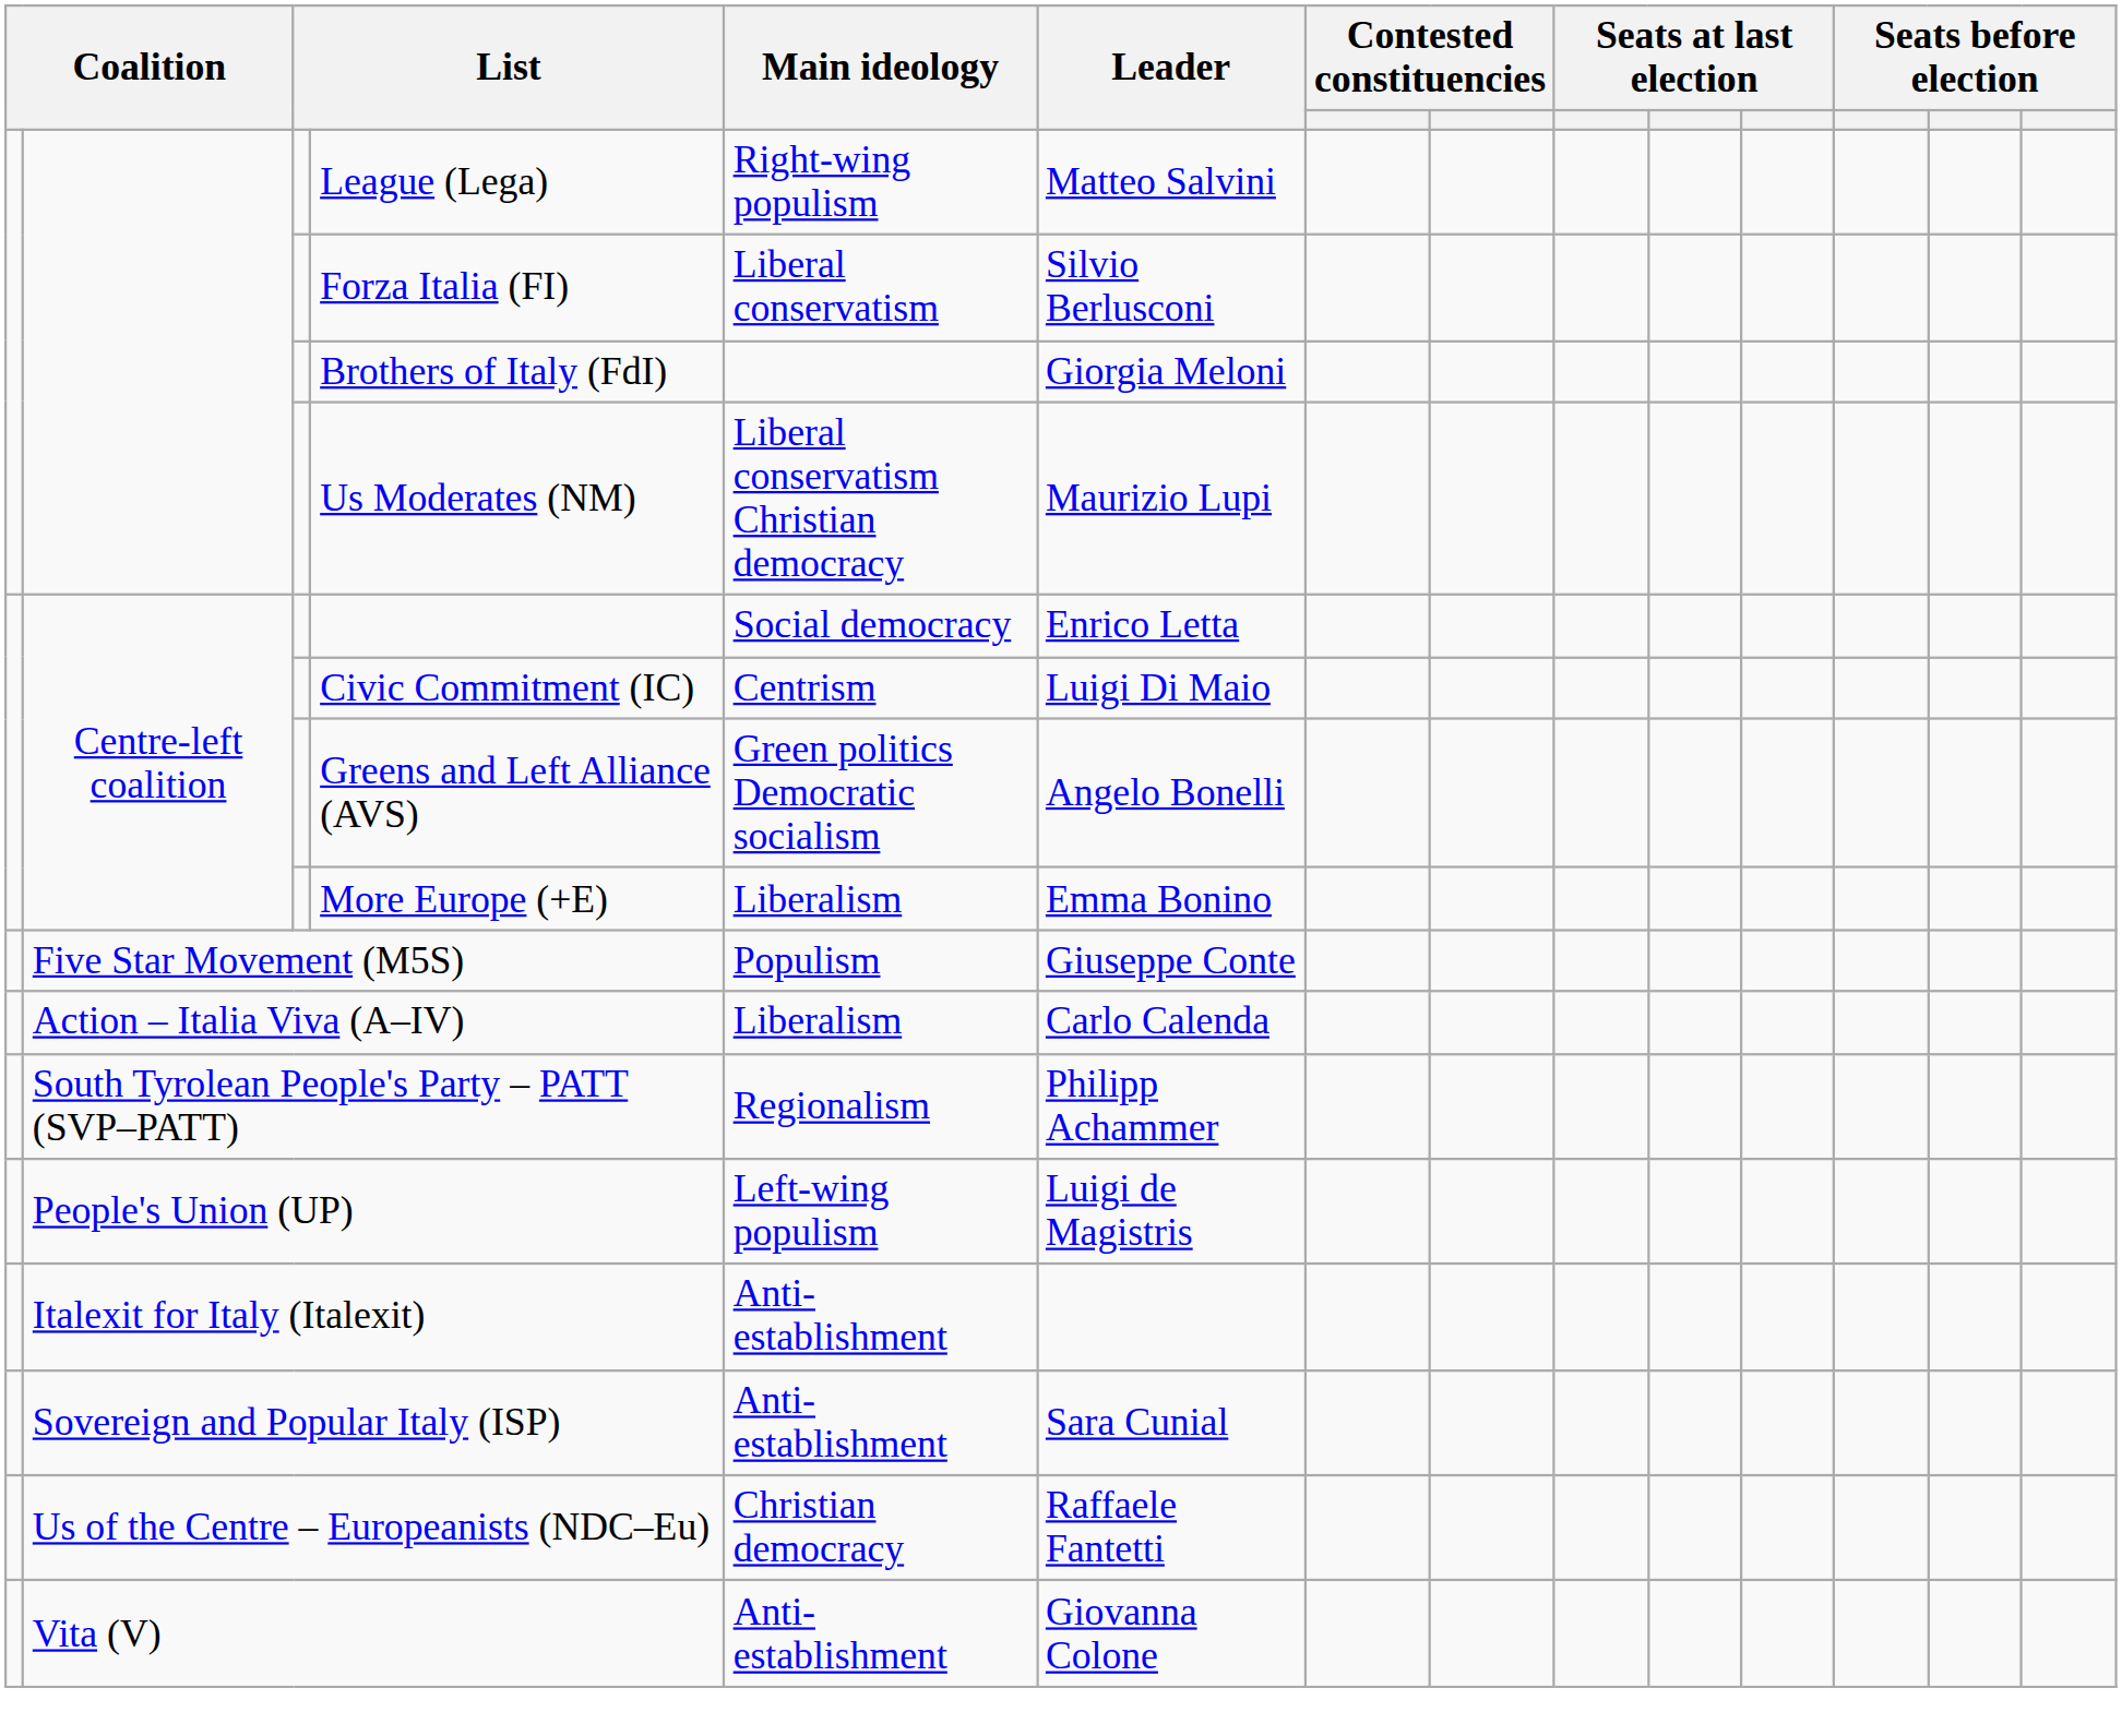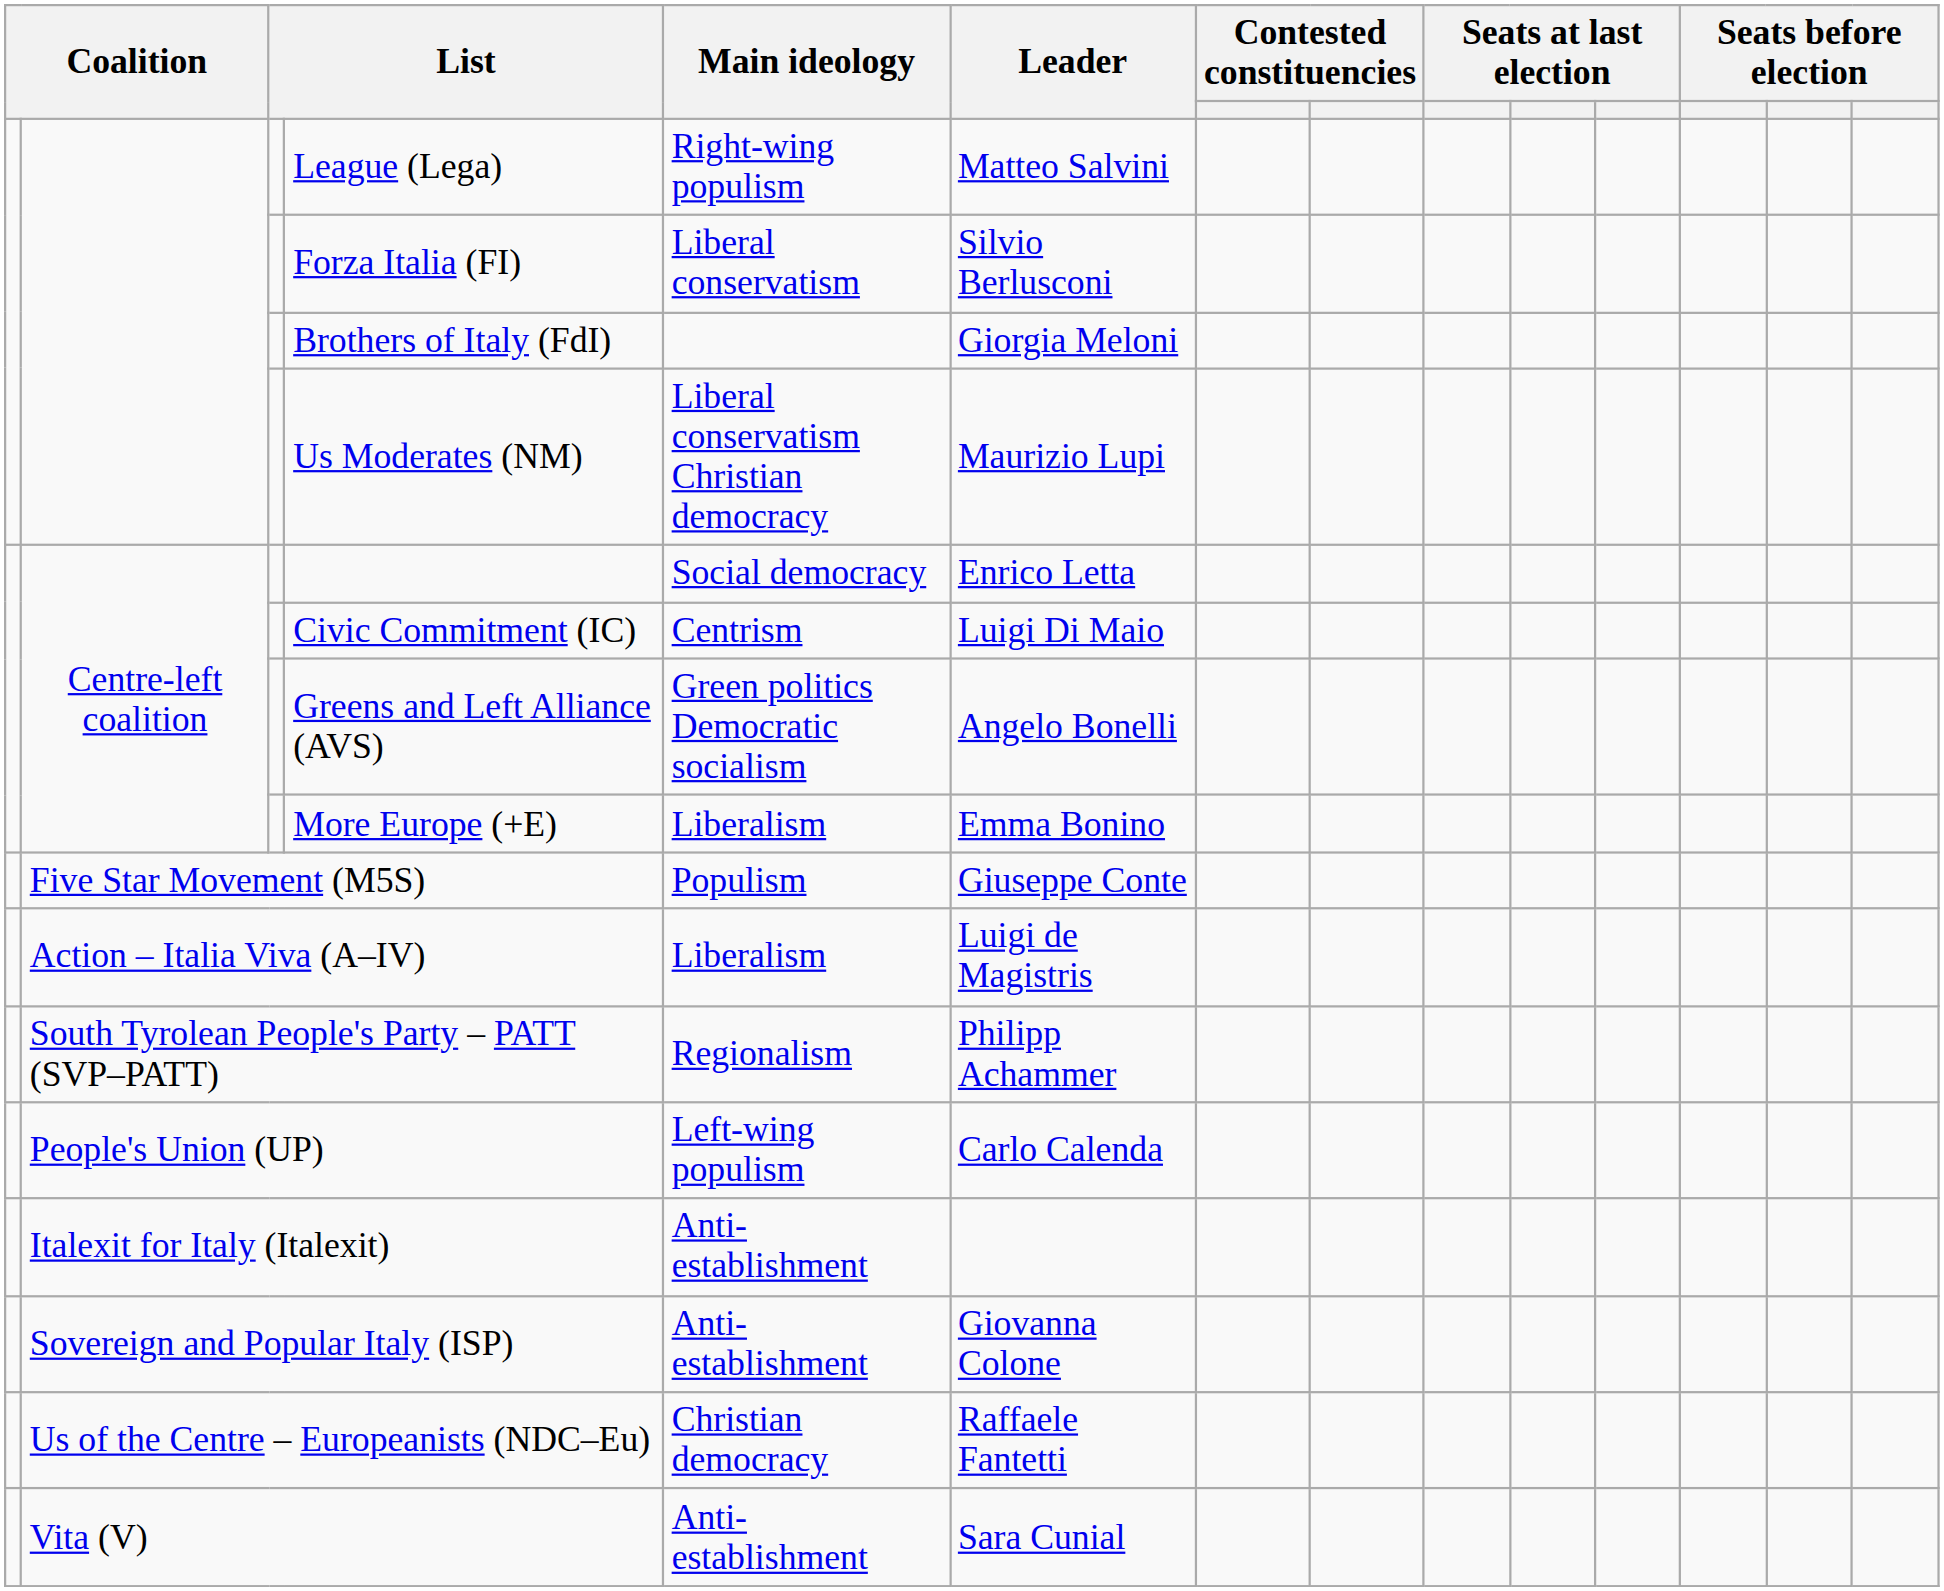 <table class=wikitable style=text-align:left>
 <tr>
 <th colspan="2" rowspan="2">Coalition</th>
 <th colspan="2" rowspan="2">List</th>
 <th rowspan="2">Main ideology</th>
 <th rowspan="2">Leader</th>
 <th colspan="2">Contested<br>constituencies</th>
 <th colspan="3">Seats at last election</th>
 <th colspan="3">Seats before election</th>
 </tr>
 <tr>
 <th></th>
 <th></th>
 <th></th>
 <th></th>
 <th></th>
 <th></th>
 <th></th>
 <th></th>
 </tr>
 <tr>
 <td rowspan="4" style="background:"></td>
 <td rowspan="4" align=center></td>
 <td style="background:"></td>
 <td><a href='#'>League</a> (Lega)</td>
 <td><a href='#'>Right-wing populism</a></td>
 <td><a href='#'>Matteo Salvini</a></td>
 <td></td>
 <td></td>
 <td></td>
 <td></td>
 <td></td>
 <td></td>
 <td></td>
 <td></td>
 </tr>
 <tr>
 <td style="background:"></td>
 <td><a href='#'>Forza Italia</a> (FI)</td>
 <td><a href='#'>Liberal conservatism</a></td>
 <td><a href='#'>Silvio Berlusconi</a></td>
 <td></td>
 <td></td>
 <td></td>
 <td></td>
 <td></td>
 <td></td>
 <td></td>
 <td></td>
 </tr>
 <tr>
 <td style="background:"></td>
 <td><a href='#'>Brothers of Italy</a> (FdI)</td>
 <td></td>
 <td><a href='#'>Giorgia Meloni</a></td>
 <td></td>
 <td></td>
 <td></td>
 <td></td>
 <td></td>
 <td></td>
 <td></td>
 <td></td>
 </tr>
 <tr>
 <td style="background:"></td>
 <td><a href='#'>Us Moderates</a> (NM)</td>
 <td><a href='#'>Liberal conservatism</a><br><a href='#'>Christian democracy</a></td>
 <td><a href='#'>Maurizio Lupi</a></td>
 <td></td>
 <td></td>
 <td></td>
 <td></td>
 <td></td>
 <td></td>
 <td></td>
 <td></td>
 </tr>
 <tr>
 <td rowspan="4" style="background:"></td>
 <td rowspan="4" align=center><a href='#'>Centre-left coalition</a></td>
 <td style="background:"></td>
 <td></td>
 <td><a href='#'>Social democracy</a></td>
 <td><a href='#'>Enrico Letta</a></td>
 <td></td>
 <td></td>
 <td></td>
 <td></td>
 <td></td>
 <td></td>
 <td></td>
 <td></td>
 </tr>
 <tr>
 <td style="background:"></td>
 <td><a href='#'>Civic Commitment</a> (IC)</td>
 <td><a href='#'>Centrism</a></td>
 <td><a href='#'>Luigi Di Maio</a></td>
 <td></td>
 <td></td>
 <td></td>
 <td></td>
 <td></td>
 <td></td>
 <td></td>
 <td></td>
 </tr>
 <tr>
 <td style="background:"></td>
 <td><a href='#'>Greens and Left Alliance</a> (AVS)</td>
 <td><a href='#'>Green politics</a><br><a href='#'>Democratic socialism</a></td>
 <td><a href='#'>Angelo Bonelli</a></td>
 <td></td>
 <td></td>
 <td></td>
 <td></td>
 <td></td>
 <td></td>
 <td></td>
 <td></td>
 </tr>
 <tr>
 <td style="background:"></td>
 <td><a href='#'>More Europe</a> (+E)</td>
 <td><a href='#'>Liberalism</a></td>
 <td><a href='#'>Emma Bonino</a></td>
 <td></td>
 <td></td>
 <td></td>
 <td></td>
 <td></td>
 <td></td>
 <td></td>
 <td></td>
 </tr>
 <tr>
 <td style="background:"></td>
 <td colspan="3"><a href='#'>Five Star Movement</a> (M5S)</td>
 <td><a href='#'>Populism</a></td>
 <td><a href='#'>Giuseppe Conte</a></td>
 <td></td>
 <td></td>
 <td></td>
 <td></td>
 <td></td>
 <td></td>
 <td></td>
 <td></td>
 </tr>
 <tr>
 <td style="background:"></td>
 <td colspan="3"><a href='#'>Action – Italia Viva</a> (A–IV)</td>
 <td><a href='#'>Liberalism</a></td>
-<td><a href='#'>Carlo Calenda</a></td>
+<td><a href='#'>Luigi de Magistris</a></td>
 <td></td>
 <td></td>
 <td></td>
 <td></td>
 <td></td>
 <td></td>
 <td></td>
 <td></td>
 </tr>
 <tr>
 <td style="background:"></td>
 <td colspan="3"><a href='#'>South Tyrolean People's Party</a> –  <a href='#'>PATT</a> (SVP–PATT)</td>
 <td><a href='#'>Regionalism</a></td>
 <td><a href='#'>Philipp Achammer</a></td>
 <td></td>
 <td></td>
 <td></td>
 <td></td>
 <td></td>
 <td></td>
 <td></td>
 <td></td>
 </tr>
 <tr>
 <td style="background:"></td>
 <td colspan="3"><a href='#'>People's Union</a> (UP)</td>
 <td><a href='#'>Left-wing populism</a></td>
-<td><a href='#'>Luigi de Magistris</a></td>
+<td><a href='#'>Carlo Calenda</a></td>
 <td></td>
 <td></td>
 <td></td>
 <td></td>
 <td></td>
 <td></td>
 <td></td>
 <td></td>
 </tr>
 <tr>
 <td style="background:"></td>
 <td colspan="3"><a href='#'>Italexit for Italy</a> (Italexit)</td>
 <td><a href='#'>Anti-establishment</a></td>
 <td></td>
 <td></td>
 <td></td>
 <td></td>
 <td></td>
 <td></td>
 <td></td>
 <td></td>
 <td></td>
 </tr>
 <tr>
 <td style="background:"></td>
 <td colspan="3"><a href='#'>Sovereign and Popular Italy</a> (ISP)</td>
 <td><a href='#'>Anti-establishment</a></td>
-<td><a href='#'>Sara Cunial</a></td>
+<td><a href='#'>Giovanna Colone</a></td>
 <td></td>
 <td></td>
 <td></td>
 <td></td>
 <td></td>
 <td></td>
 <td></td>
 <td></td>
 </tr>
 <tr>
 <td style="background:"></td>
 <td colspan="3"><a href='#'>Us of the Centre</a> – <a href='#'>Europeanists</a> (NDC–Eu)</td>
 <td><a href='#'>Christian democracy</a></td>
 <td><a href='#'>Raffaele Fantetti</a></td>
 <td></td>
 <td></td>
 <td></td>
 <td></td>
 <td></td>
 <td></td>
 <td></td>
 <td></td>
 </tr>
 <tr>
 <td style="background:"></td>
 <td colspan="3"><a href='#'>Vita</a> (V)</td>
 <td><a href='#'>Anti-establishment</a></td>
-<td><a href='#'>Giovanna Colone</a></td>
+<td><a href='#'>Sara Cunial</a></td>
 <td></td>
 <td></td>
 <td></td>
 <td></td>
 <td></td>
 <td></td>
 <td></td>
 <td></td>
 </tr>
 </table>
